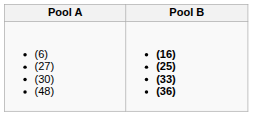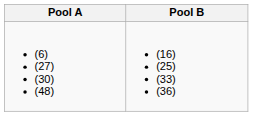 <table class="wikitable" width="40%">
 <tr>
 <th width=20%>Pool A</th>
 <th width=20%>Pool B</th>
 </tr>
 <tr>
 <td><br><ul><li> (6)</li><li> (27)</li><li> (30)</li><li> (48)</li></ul></td>
-<td><strong><br><ul><li> (16)</li><li> (25)</li><li> (33)</li><li> (36)</li></ul></strong></td>
+<td><br><ul><li> (16)</li><li> (25)</li><li> (33)</li><li> (36)</li></ul></td>
 </tr>
 </table>
